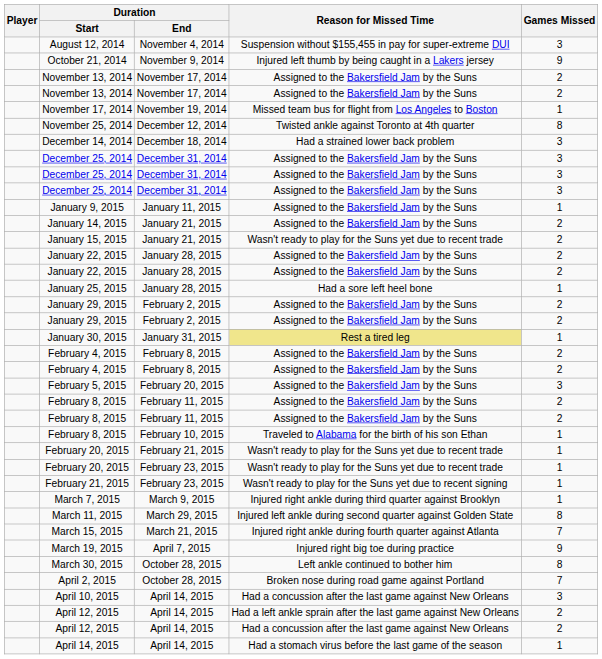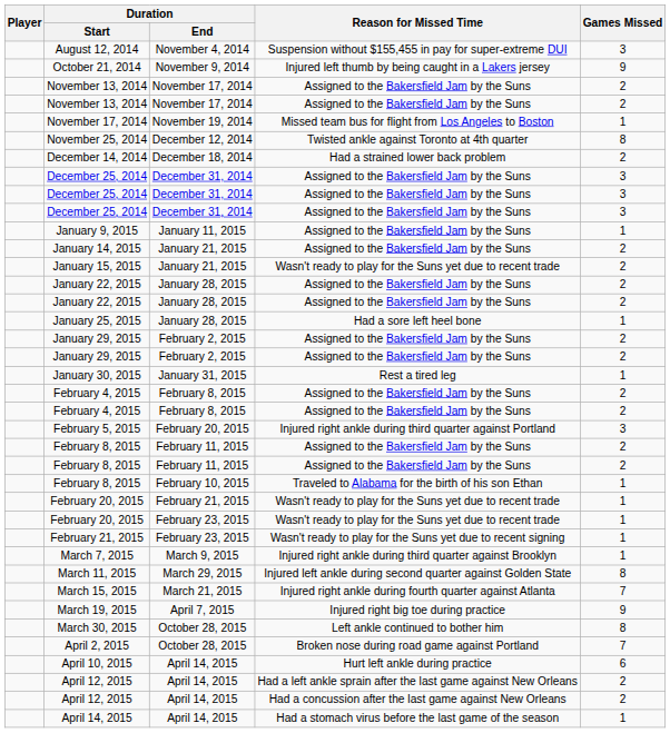 <table class="wikitable sortable collapsible" style="text-align:center;">
 <tr>
 <th rowspan="2">Player</th>
 <th colspan="2">Duration</th>
 <th rowspan="2">Reason for Missed Time</th>
 <th rowspan="2">Games Missed</th>
 </tr>
 <tr>
 <th>Start</th>
 <th>End</th>
 </tr>
 <tr>
 <td></td>
 <td>August 12, 2014</td>
 <td>November 4, 2014</td>
 <td>Suspension without $155,455 in pay for super-extreme <a href='#'>DUI</a></td>
 <td>3</td>
 </tr>
 <tr>
 <td></td>
 <td>October 21, 2014</td>
 <td>November 9, 2014</td>
 <td>Injured left thumb by being caught in a <a href='#'>Lakers</a> jersey</td>
 <td>9</td>
 </tr>
 <tr>
 <td></td>
 <td>November 13, 2014</td>
 <td>November 17, 2014</td>
 <td>Assigned to the <a href='#'>Bakersfield Jam</a> by the Suns</td>
 <td>2</td>
 </tr>
 <tr>
 <td></td>
 <td>November 13, 2014</td>
 <td>November 17, 2014</td>
 <td>Assigned to the <a href='#'>Bakersfield Jam</a> by the Suns</td>
 <td>2</td>
 </tr>
 <tr>
 <td></td>
 <td>November 17, 2014</td>
 <td>November 19, 2014</td>
 <td>Missed team bus for flight from <a href='#'>Los Angeles</a> to <a href='#'>Boston</a></td>
 <td>1</td>
 </tr>
 <tr>
 <td></td>
 <td>November 25, 2014</td>
 <td>December 12, 2014</td>
 <td>Twisted ankle against Toronto at 4th quarter</td>
 <td>8</td>
 </tr>
 <tr>
 <td></td>
 <td>December 14, 2014</td>
 <td>December 18, 2014</td>
 <td>Had a strained lower back problem</td>
-<td>3</td>
+<td>2</td>
 </tr>
 <tr>
 <td></td>
 <td><a href='#'>December 25, 2014</a></td>
 <td><a href='#'>December 31, 2014</a></td>
 <td>Assigned to the <a href='#'>Bakersfield Jam</a> by the Suns</td>
 <td>3</td>
 </tr>
 <tr>
 <td></td>
 <td><a href='#'>December 25, 2014</a></td>
 <td><a href='#'>December 31, 2014</a></td>
 <td>Assigned to the <a href='#'>Bakersfield Jam</a> by the Suns</td>
 <td>3</td>
 </tr>
 <tr>
 <td></td>
 <td><a href='#'>December 25, 2014</a></td>
 <td><a href='#'>December 31, 2014</a></td>
 <td>Assigned to the <a href='#'>Bakersfield Jam</a> by the Suns</td>
 <td>3</td>
 </tr>
 <tr>
 <td></td>
 <td>January 9, 2015</td>
 <td>January 11, 2015</td>
 <td>Assigned to the <a href='#'>Bakersfield Jam</a> by the Suns</td>
 <td>1</td>
 </tr>
 <tr>
 <td></td>
 <td>January 14, 2015</td>
 <td>January 21, 2015</td>
 <td>Assigned to the <a href='#'>Bakersfield Jam</a> by the Suns</td>
 <td>2</td>
 </tr>
 <tr>
 <td></td>
 <td>January 15, 2015</td>
 <td>January 21, 2015</td>
 <td>Wasn't ready to play for the Suns yet due to recent trade</td>
 <td>2</td>
 </tr>
 <tr>
 <td></td>
 <td>January 22, 2015</td>
 <td>January 28, 2015</td>
 <td>Assigned to the <a href='#'>Bakersfield Jam</a> by the Suns</td>
 <td>2</td>
 </tr>
 <tr>
 <td></td>
 <td>January 22, 2015</td>
 <td>January 28, 2015</td>
 <td>Assigned to the <a href='#'>Bakersfield Jam</a> by the Suns</td>
 <td>2</td>
 </tr>
 <tr>
 <td></td>
 <td>January 25, 2015</td>
 <td>January 28, 2015</td>
 <td>Had a sore left heel bone</td>
 <td>1</td>
 </tr>
 <tr>
 <td></td>
 <td>January 29, 2015</td>
 <td>February 2, 2015</td>
 <td>Assigned to the <a href='#'>Bakersfield Jam</a> by the Suns</td>
 <td>2</td>
 </tr>
 <tr>
 <td></td>
 <td>January 29, 2015</td>
 <td>February 2, 2015</td>
 <td>Assigned to the <a href='#'>Bakersfield Jam</a> by the Suns</td>
 <td>2</td>
 </tr>
 <tr>
 <td></td>
 <td>January 30, 2015</td>
 <td>January 31, 2015</td>
-<td style="background: khaki;">Rest a tired leg</td>
+<td>Rest a tired leg</td>
 <td>1</td>
 </tr>
 <tr>
 <td></td>
 <td>February 4, 2015</td>
 <td>February 8, 2015</td>
 <td>Assigned to the <a href='#'>Bakersfield Jam</a> by the Suns</td>
 <td>2</td>
 </tr>
 <tr>
 <td></td>
 <td>February 4, 2015</td>
 <td>February 8, 2015</td>
 <td>Assigned to the <a href='#'>Bakersfield Jam</a> by the Suns</td>
 <td>2</td>
 </tr>
 <tr>
 <td></td>
 <td>February 5, 2015</td>
 <td>February 20, 2015</td>
-<td>Assigned to the <a href='#'>Bakersfield Jam</a> by the Suns</td>
+<td>Injured right ankle during third quarter against Portland</td>
 <td>3</td>
 </tr>
 <tr>
 <td></td>
 <td>February 8, 2015</td>
 <td>February 11, 2015</td>
 <td>Assigned to the <a href='#'>Bakersfield Jam</a> by the Suns</td>
 <td>2</td>
 </tr>
 <tr>
 <td></td>
 <td>February 8, 2015</td>
 <td>February 11, 2015</td>
 <td>Assigned to the <a href='#'>Bakersfield Jam</a> by the Suns</td>
 <td>2</td>
 </tr>
 <tr>
 <td></td>
 <td>February 8, 2015</td>
 <td>February 10, 2015</td>
 <td>Traveled to <a href='#'>Alabama</a> for the birth of his son Ethan</td>
 <td>1</td>
 </tr>
 <tr>
 <td></td>
 <td>February 20, 2015</td>
 <td>February 21, 2015</td>
 <td>Wasn't ready to play for the Suns yet due to recent trade</td>
 <td>1</td>
 </tr>
 <tr>
 <td></td>
 <td>February 20, 2015</td>
 <td>February 23, 2015</td>
 <td>Wasn't ready to play for the Suns yet due to recent trade</td>
 <td>1</td>
 </tr>
 <tr>
 <td></td>
 <td>February 21, 2015</td>
 <td>February 23, 2015</td>
 <td>Wasn't ready to play for the Suns yet due to recent signing</td>
 <td>1</td>
 </tr>
 <tr>
 <td></td>
 <td>March 7, 2015</td>
 <td>March 9, 2015</td>
 <td>Injured right ankle during third quarter against Brooklyn</td>
 <td>1</td>
 </tr>
 <tr>
 <td></td>
 <td>March 11, 2015</td>
 <td>March 29, 2015</td>
 <td>Injured left ankle during second quarter against Golden State</td>
 <td>8</td>
 </tr>
 <tr>
 <td></td>
 <td>March 15, 2015</td>
 <td>March 21, 2015</td>
 <td>Injured right ankle during fourth quarter against Atlanta</td>
 <td>7</td>
 </tr>
 <tr>
 <td></td>
 <td>March 19, 2015</td>
 <td>April 7, 2015</td>
 <td>Injured right big toe during practice</td>
 <td>9</td>
 </tr>
 <tr>
 <td></td>
 <td>March 30, 2015</td>
 <td>October 28, 2015</td>
 <td>Left ankle continued to bother him</td>
 <td>8</td>
 </tr>
 <tr>
 <td></td>
 <td>April 2, 2015</td>
 <td>October 28, 2015</td>
 <td>Broken nose during road game against Portland</td>
 <td>7</td>
 </tr>
 <tr>
 <td></td>
 <td>April 10, 2015</td>
 <td>April 14, 2015</td>
-<td>Had a concussion after the last game against New Orleans</td>
-<td>3</td>
+<td>Hurt left ankle during practice</td>
+<td>6</td>
 </tr>
 <tr>
 <td></td>
 <td>April 12, 2015</td>
 <td>April 14, 2015</td>
 <td>Had a left ankle sprain after the last game against New Orleans</td>
 <td>2</td>
 </tr>
 <tr>
 <td></td>
 <td>April 12, 2015</td>
 <td>April 14, 2015</td>
 <td>Had a concussion after the last game against New Orleans</td>
 <td>2</td>
 </tr>
 <tr>
 <td></td>
 <td>April 14, 2015</td>
 <td>April 14, 2015</td>
 <td>Had a stomach virus before the last game of the season</td>
 <td>1</td>
 </tr>
 </table>
